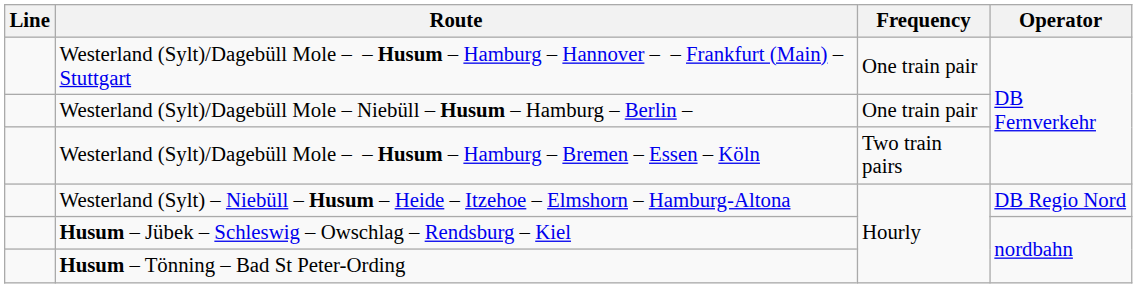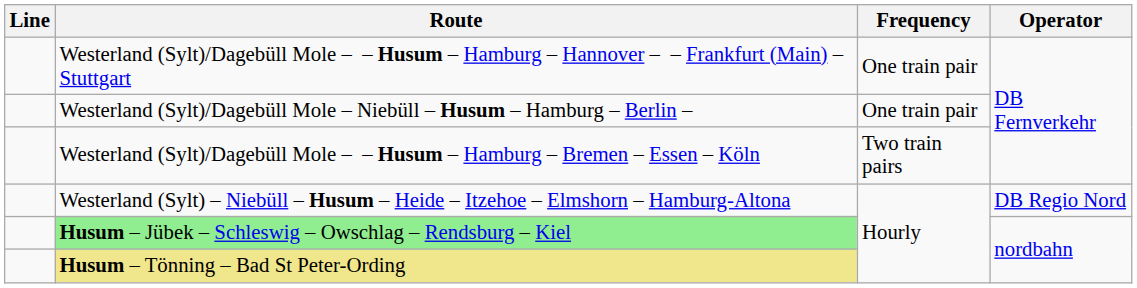 <table class="wikitable">
 <tr>
 <th>Line</th>
 <th>Route</th>
 <th>Frequency</th>
 <th>Operator</th>
 </tr>
 <tr>
 <td align="center"></td>
 <td>Westerland (Sylt)/Dagebüll Mole –  – <strong>Husum</strong> – <a href='#'>Hamburg</a> – <a href='#'>Hannover</a> –  – <a href='#'>Frankfurt (Main)</a> – <a href='#'>Stuttgart</a></td>
 <td>One train pair</td>
 <td rowspan="3"><a href='#'>DB Fernverkehr</a></td>
 </tr>
 <tr>
 <td align="center"></td>
 <td>Westerland (Sylt)/Dagebüll Mole – Niebüll – <strong>Husum</strong> – Hamburg – <a href='#'>Berlin</a> – </td>
 <td>One train pair</td>
 </tr>
 <tr>
 <td align="center"></td>
 <td>Westerland (Sylt)/Dagebüll Mole –  – <strong>Husum</strong> – <a href='#'>Hamburg</a> – <a href='#'>Bremen</a> – <a href='#'>Essen</a> – <a href='#'>Köln</a></td>
 <td>Two train pairs</td>
 </tr>
 <tr>
 <td align="center"></td>
 <td>Westerland (Sylt) – <a href='#'>Niebüll</a> – <strong>Husum</strong> – <a href='#'>Heide</a> – <a href='#'>Itzehoe</a> – <a href='#'>Elmshorn</a> – <a href='#'>Hamburg-Altona</a></td>
 <td rowspan="3">Hourly</td>
 <td><a href='#'>DB Regio Nord</a></td>
 </tr>
 <tr>
 <td align="center"></td>
-<td><strong>Husum</strong> – Jübek – <a href='#'>Schleswig</a> – Owschlag – <a href='#'>Rendsburg</a> – <a href='#'>Kiel</a></td>
+<td style="background: lightgreen;"><strong>Husum</strong> – Jübek – <a href='#'>Schleswig</a> – Owschlag – <a href='#'>Rendsburg</a> – <a href='#'>Kiel</a></td>
 <td rowspan="2"><a href='#'>nordbahn</a></td>
 </tr>
 <tr>
 <td align="center"></td>
-<td><strong>Husum</strong> – Tönning – Bad St Peter-Ording</td>
+<td style="background: khaki;"><strong>Husum</strong> – Tönning – Bad St Peter-Ording</td>
 </tr>
 </table>
